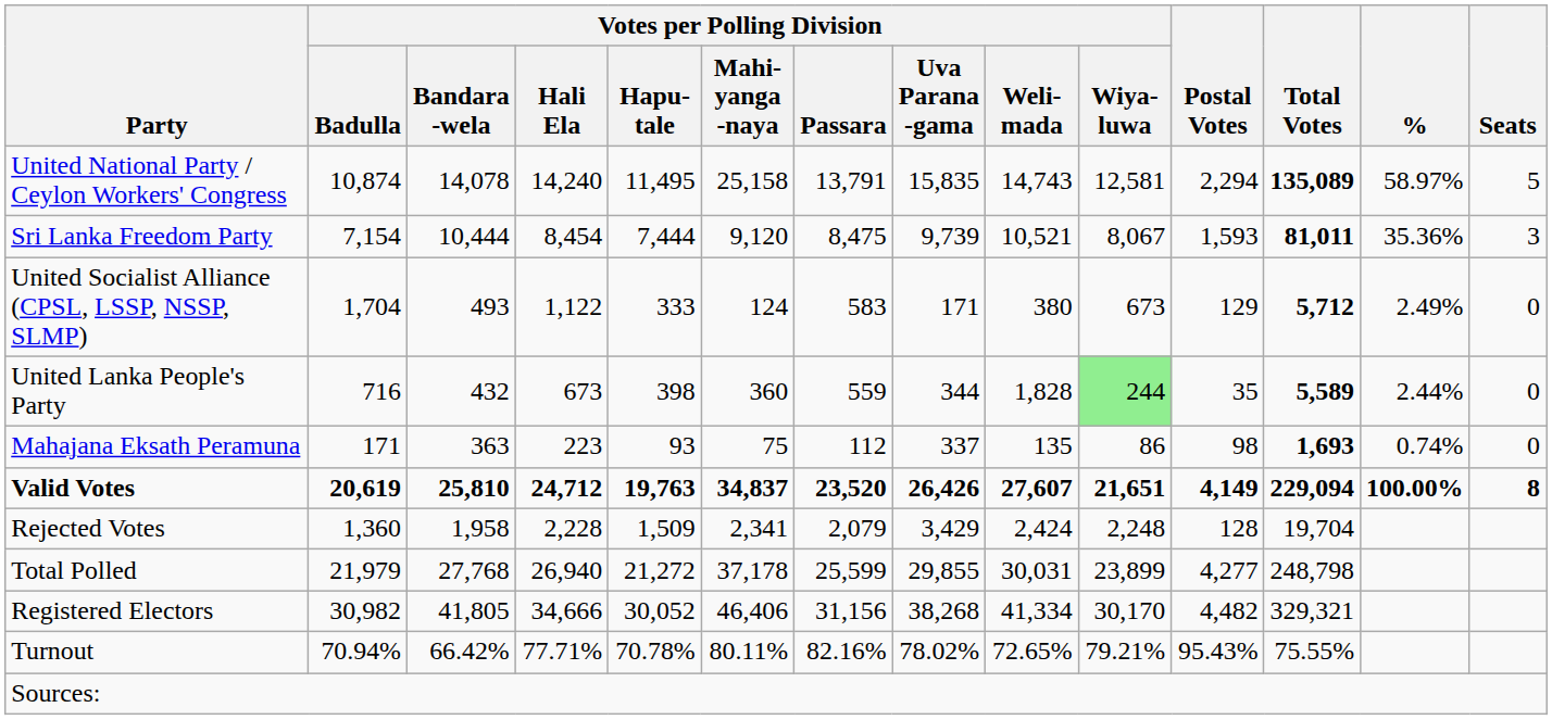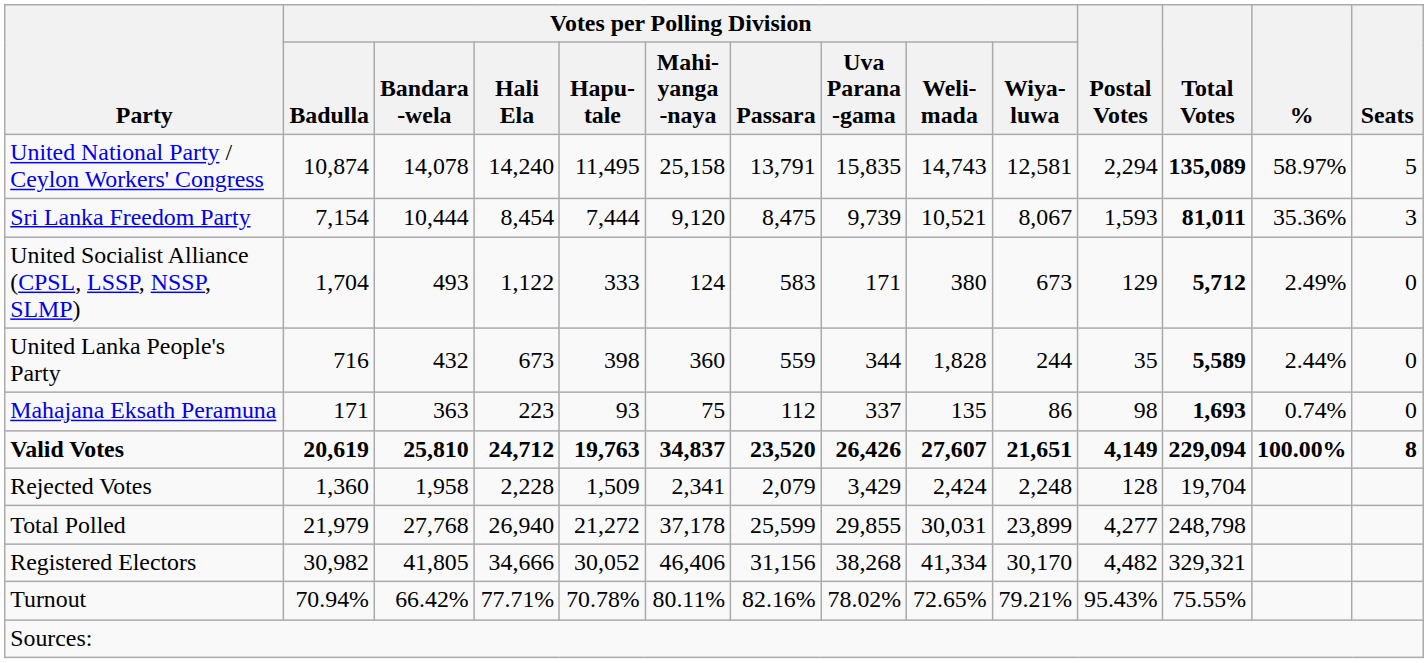 <table class="wikitable" border="1" style="text-align:right;">
 <tr>
 <th align=left valign=bottom rowspan=2 width="180">Party</th>
 <th colspan=9>Votes per Polling Division</th>
 <th align=center valign=bottom rowspan=2 width="50">Postal<br>Votes</th>
 <th align=center valign=bottom rowspan=2 width="50">Total Votes</th>
 <th align=center valign=bottom rowspan=2 width="50">%</th>
 <th align=center valign=bottom rowspan=2 width="40">Seats</th>
 </tr>
 <tr>
 <th align=center valign=bottom width="50">Badulla</th>
 <th align=center valign=bottom width="50">Bandara<br>-wela</th>
 <th align=center valign=bottom width="50">Hali<br>Ela</th>
 <th !align=center valign=bottom width="50">Hapu-<br>tale</th>
 <th align=center valign=bottom width="50">Mahi-<br>yanga<br>-naya</th>
 <th align=center valign=bottom width="50">Passara</th>
 <th align=center valign=bottom width="50">Uva<br>Parana<br>-gama</th>
 <th align=center valign=bottom width="50">Weli-<br>mada</th>
 <th align=center valign=bottom width="50">Wiya-<br>luwa</th>
 </tr>
 <tr>
 <td align=left><a href='#'>United National Party</a> /<br><a href='#'>Ceylon Workers' Congress</a></td>
 <td>10,874</td>
 <td>14,078</td>
 <td>14,240</td>
 <td>11,495</td>
 <td>25,158</td>
 <td>13,791</td>
 <td>15,835</td>
 <td>14,743</td>
 <td>12,581</td>
 <td>2,294</td>
 <td><strong>135,089</strong></td>
 <td>58.97%</td>
 <td>5</td>
 </tr>
 <tr>
 <td align=left><a href='#'>Sri Lanka Freedom Party</a></td>
 <td>7,154</td>
 <td>10,444</td>
 <td>8,454</td>
 <td>7,444</td>
 <td>9,120</td>
 <td>8,475</td>
 <td>9,739</td>
 <td>10,521</td>
 <td>8,067</td>
 <td>1,593</td>
 <td><strong>81,011</strong></td>
 <td>35.36%</td>
 <td>3</td>
 </tr>
 <tr>
 <td align=left>United Socialist Alliance<br>(<a href='#'>CPSL</a>, <a href='#'>LSSP</a>, <a href='#'>NSSP</a>, <a href='#'>SLMP</a>)</td>
 <td>1,704</td>
 <td>493</td>
 <td>1,122</td>
 <td>333</td>
 <td>124</td>
 <td>583</td>
 <td>171</td>
 <td>380</td>
 <td>673</td>
 <td>129</td>
 <td><strong>5,712</strong></td>
 <td>2.49%</td>
 <td>0</td>
 </tr>
 <tr>
 <td align=left>United Lanka People's Party</td>
 <td>716</td>
 <td>432</td>
 <td>673</td>
 <td>398</td>
 <td>360</td>
 <td>559</td>
 <td>344</td>
 <td>1,828</td>
-<td style="background: lightgreen;">244</td>
+<td>244</td>
 <td>35</td>
 <td><strong>5,589</strong></td>
 <td>2.44%</td>
 <td>0</td>
 </tr>
 <tr>
 <td align=left><a href='#'>Mahajana Eksath Peramuna</a></td>
 <td>171</td>
 <td>363</td>
 <td>223</td>
 <td>93</td>
 <td>75</td>
 <td>112</td>
 <td>337</td>
 <td>135</td>
 <td>86</td>
 <td>98</td>
 <td><strong>1,693</strong></td>
 <td>0.74%</td>
 <td>0</td>
 </tr>
 <tr>
 <td align=left><strong>Valid Votes</strong></td>
 <td><strong>20,619</strong></td>
 <td><strong>25,810</strong></td>
 <td><strong>24,712</strong></td>
 <td><strong>19,763</strong></td>
 <td><strong>34,837</strong></td>
 <td><strong>23,520</strong></td>
 <td><strong>26,426</strong></td>
 <td><strong>27,607</strong></td>
 <td><strong>21,651</strong></td>
 <td><strong>4,149</strong></td>
 <td><strong>229,094</strong></td>
 <td><strong>100.00%</strong></td>
 <td><strong>8</strong></td>
 </tr>
 <tr>
 <td align=left>Rejected Votes</td>
 <td>1,360</td>
 <td>1,958</td>
 <td>2,228</td>
 <td>1,509</td>
 <td>2,341</td>
 <td>2,079</td>
 <td>3,429</td>
 <td>2,424</td>
 <td>2,248</td>
 <td>128</td>
 <td>19,704</td>
 <td></td>
 <td></td>
 </tr>
 <tr>
 <td align=left>Total Polled</td>
 <td>21,979</td>
 <td>27,768</td>
 <td>26,940</td>
 <td>21,272</td>
 <td>37,178</td>
 <td>25,599</td>
 <td>29,855</td>
 <td>30,031</td>
 <td>23,899</td>
 <td>4,277</td>
 <td>248,798</td>
 <td></td>
 <td></td>
 </tr>
 <tr>
 <td align=left>Registered Electors</td>
 <td>30,982</td>
 <td>41,805</td>
 <td>34,666</td>
 <td>30,052</td>
 <td>46,406</td>
 <td>31,156</td>
 <td>38,268</td>
 <td>41,334</td>
 <td>30,170</td>
 <td>4,482</td>
 <td>329,321</td>
 <td></td>
 <td></td>
 </tr>
 <tr>
 <td align=left>Turnout</td>
 <td>70.94%</td>
 <td>66.42%</td>
 <td>77.71%</td>
 <td>70.78%</td>
 <td>80.11%</td>
 <td>82.16%</td>
 <td>78.02%</td>
 <td>72.65%</td>
 <td>79.21%</td>
 <td>95.43%</td>
 <td>75.55%</td>
 <td></td>
 <td></td>
 </tr>
 <tr>
 <td align=left colspan=15>Sources:</td>
 </tr>
 </table>
